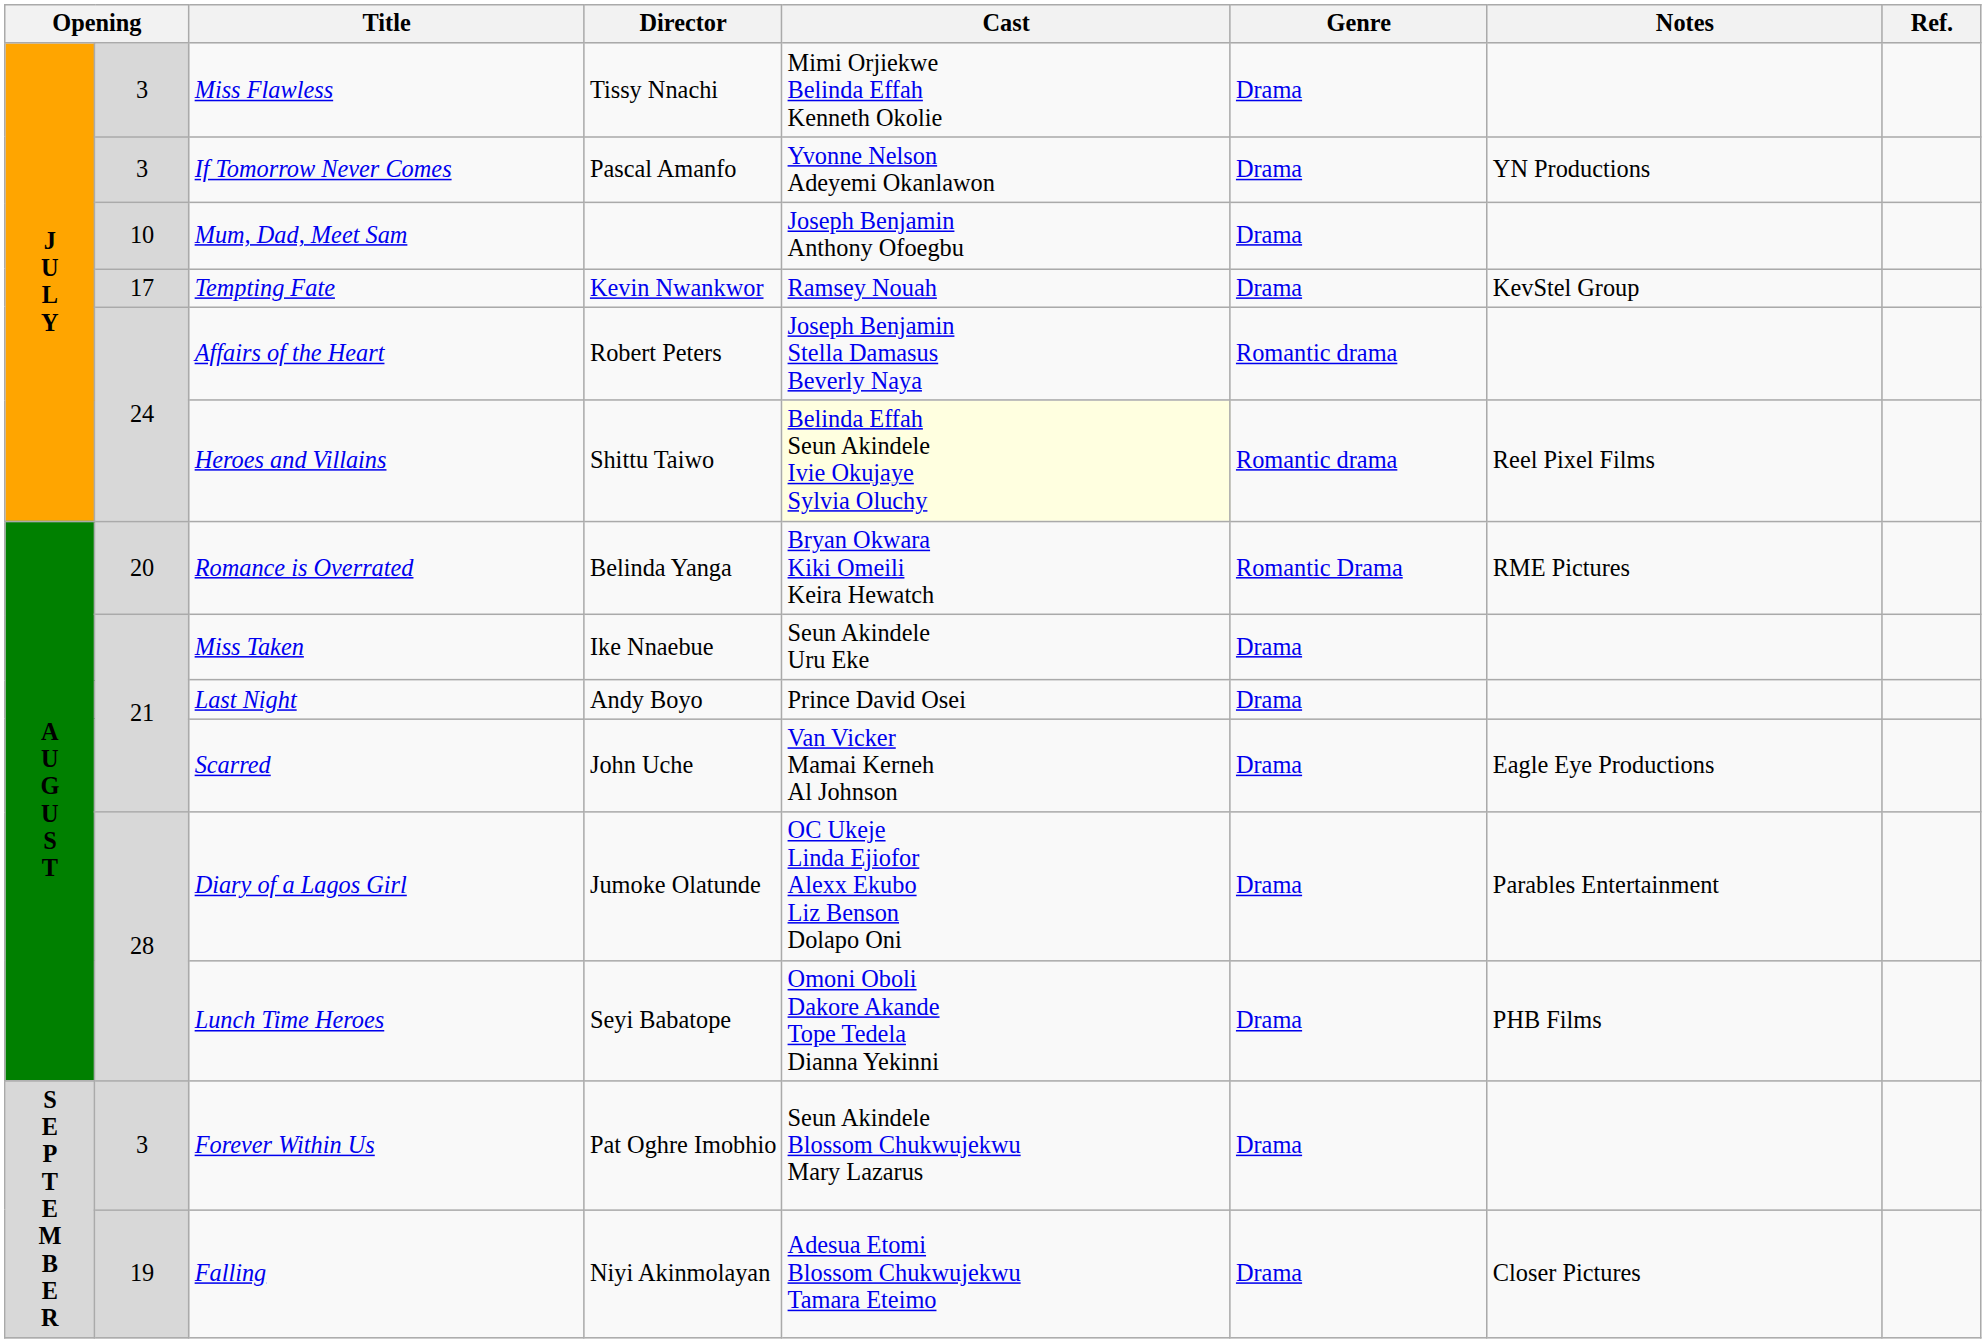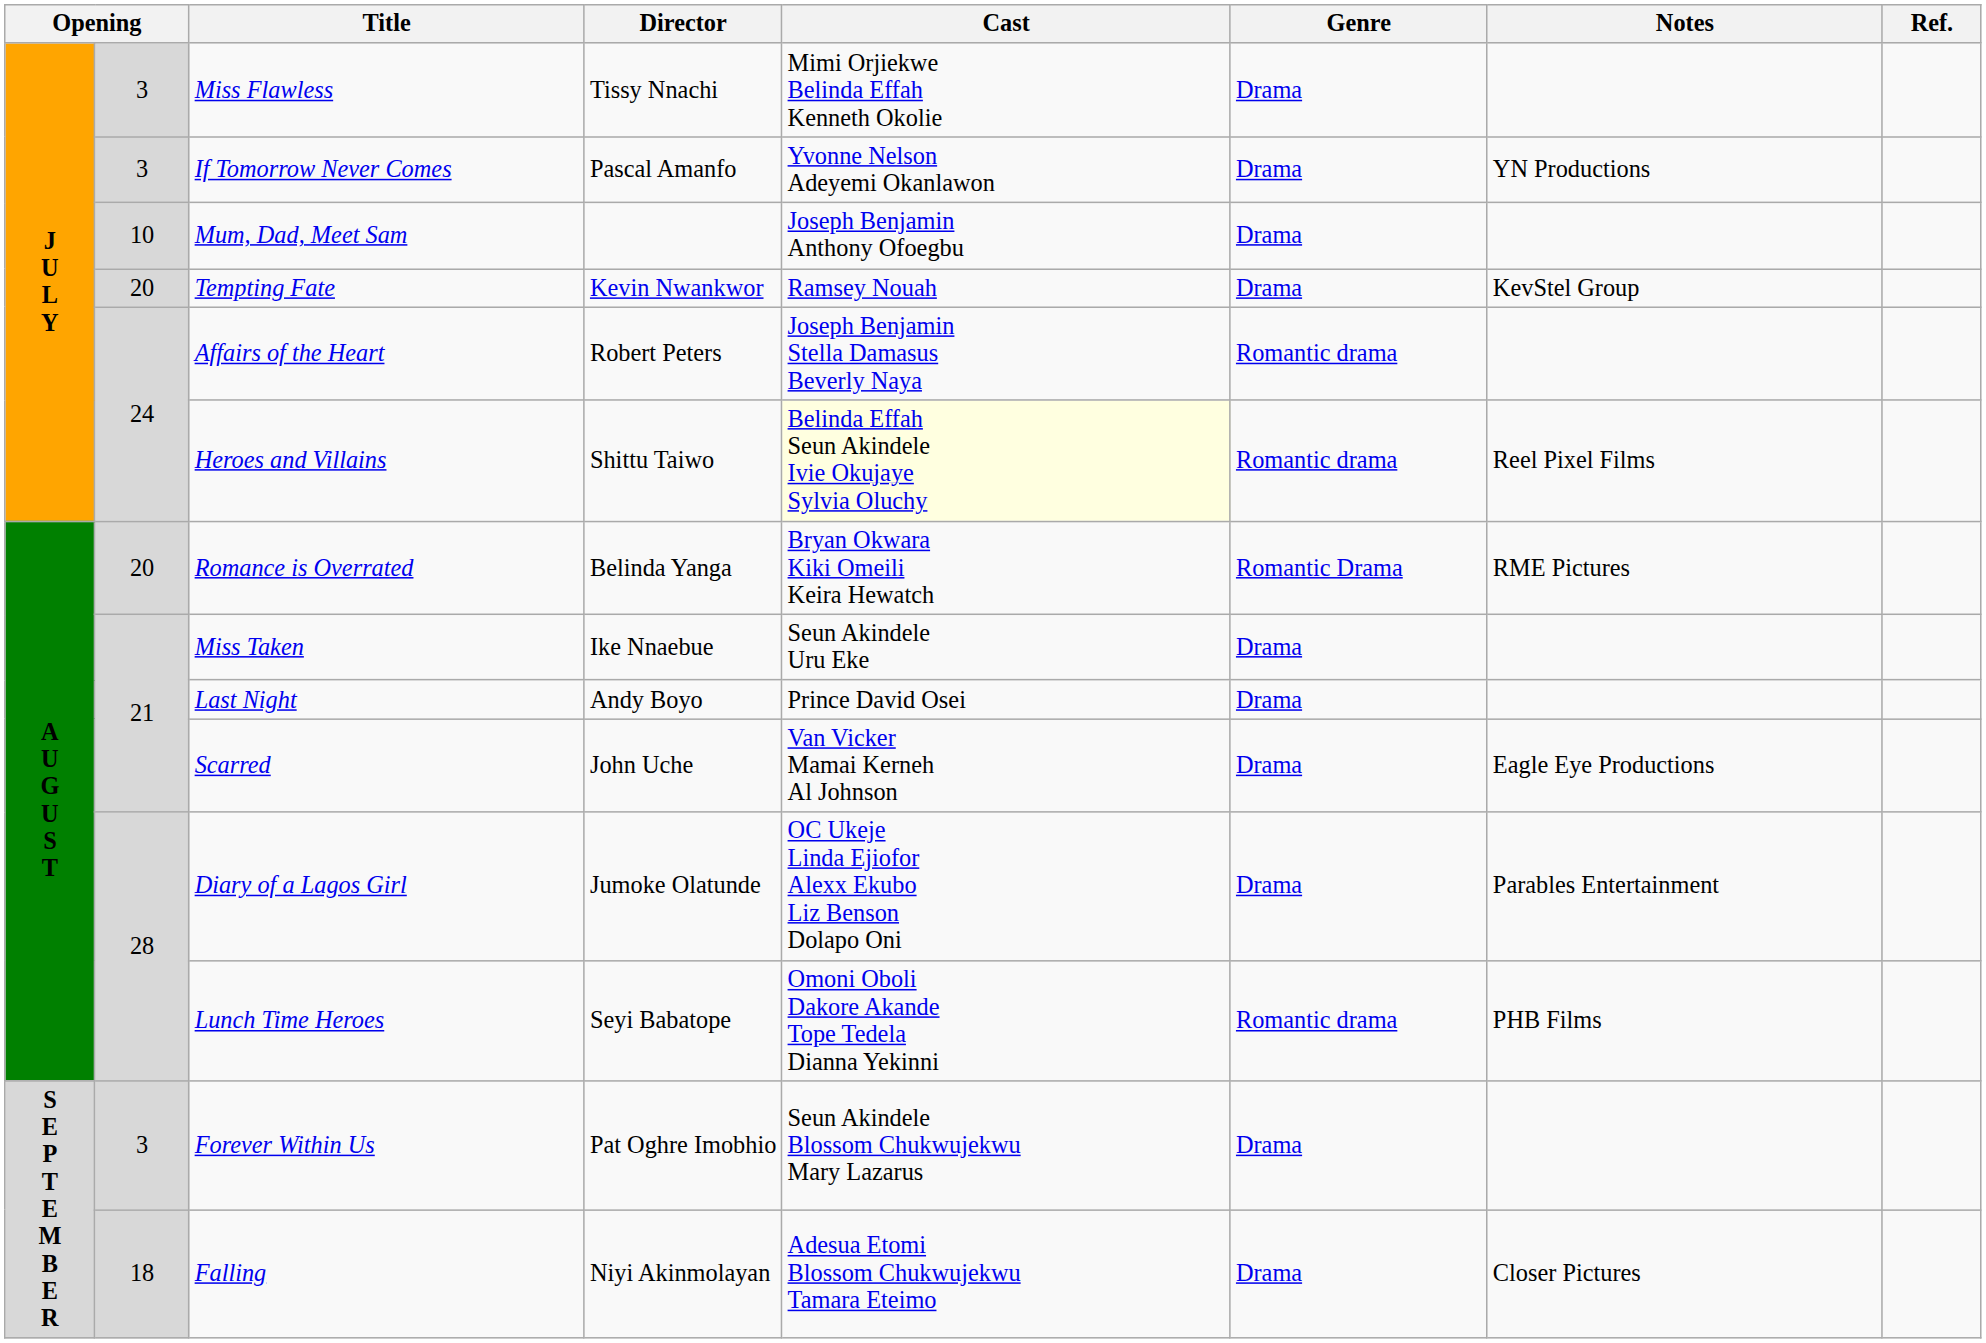 <table class="wikitable">
 <tr>
 <th colspan="2">Opening</th>
 <th style="width:20%;">Title</th>
 <th style="width:10%;">Director</th>
 <th>Cast</th>
 <th style="width:13%">Genre</th>
 <th style="width:20%">Notes</th>
 <th>Ref.</th>
 </tr>
 <tr>
 <td rowspan=6 style="text-align:center; background:orange; textcolor:#000;"><strong>J<br>U<br>L<br>Y<br></strong></td>
 <td rowspan=1 style="text-align:center; background:#d8d8d8; textcolor:#000;">3</td>
 <td><em><a href='#'>Miss Flawless</a></em></td>
 <td>Tissy Nnachi</td>
 <td>Mimi Orjiekwe<br><a href='#'>Belinda Effah</a><br>Kenneth Okolie</td>
 <td><a href='#'>Drama</a></td>
 <td></td>
 <td></td>
 </tr>
 <tr>
 <td rowspan=1 style="text-align:center; background:#d8d8d8; textcolor:#000;">3</td>
 <td><em><a href='#'>If Tomorrow Never Comes</a></em></td>
 <td>Pascal Amanfo</td>
 <td><a href='#'>Yvonne Nelson</a><br>Adeyemi Okanlawon</td>
 <td><a href='#'>Drama</a></td>
 <td>YN Productions</td>
 <td></td>
 </tr>
 <tr>
 <td rowspan=1 style="text-align:center; background:#d8d8d8; textcolor:#000;">10</td>
 <td><em><a href='#'>Mum, Dad, Meet Sam</a></em></td>
 <td></td>
 <td><a href='#'>Joseph Benjamin</a><br>Anthony Ofoegbu</td>
 <td><a href='#'>Drama</a></td>
 <td></td>
 <td></td>
 </tr>
 <tr>
-<td rowspan=1 style="text-align:center; background:#d8d8d8; textcolor:#000;">17</td>
+<td rowspan=1 style="text-align:center; background:#d8d8d8; textcolor:#000;">20</td>
 <td><em><a href='#'>Tempting Fate</a></em></td>
 <td><a href='#'>Kevin Nwankwor</a></td>
 <td><a href='#'>Ramsey Nouah</a></td>
 <td><a href='#'>Drama</a></td>
 <td>KevStel Group</td>
 <td></td>
 </tr>
 <tr>
 <td rowspan=2 style="text-align:center; background:#d8d8d8; textcolor:#000;">24</td>
 <td><em><a href='#'>Affairs of the Heart</a></em></td>
 <td>Robert Peters</td>
 <td><a href='#'>Joseph Benjamin</a><br><a href='#'>Stella Damasus</a><br><a href='#'>Beverly Naya</a></td>
 <td><a href='#'>Romantic drama</a></td>
 <td></td>
 <td></td>
 </tr>
 <tr>
 <td 24><em><a href='#'>Heroes and Villains</a></em></td>
 <td>Shittu Taiwo</td>
 <td style="background: lightyellow;"><a href='#'>Belinda Effah</a><br>Seun Akindele<br><a href='#'>Ivie Okujaye</a><br><a href='#'>Sylvia Oluchy</a></td>
 <td><a href='#'>Romantic drama</a></td>
 <td>Reel Pixel Films</td>
 <td></td>
 </tr>
 <tr>
 <td rowspan=6 style="text-align:center; background:green; textcolor:#000;"><strong>A<br>U<br>G<br>U<br>S<br>T<br></strong></td>
 <td rowspan=1 style="text-align:center; background:#d8d8d8; textcolor:#000;">20</td>
 <td><em><a href='#'>Romance is Overrated</a></em></td>
 <td>Belinda Yanga</td>
 <td><a href='#'>Bryan Okwara</a><br><a href='#'>Kiki Omeili</a><br>Keira Hewatch</td>
 <td><a href='#'>Romantic Drama</a></td>
 <td>RME Pictures</td>
 <td></td>
 </tr>
 <tr>
 <td rowspan=3 style="text-align:center; background:#d8d8d8; textcolor:#000;">21</td>
 <td><em><a href='#'>Miss Taken</a></em></td>
 <td>Ike Nnaebue</td>
 <td>Seun Akindele<br>Uru Eke</td>
 <td><a href='#'>Drama</a></td>
 <td></td>
 <td></td>
 </tr>
 <tr>
 <td><em><a href='#'>Last Night</a></em></td>
 <td>Andy Boyo</td>
 <td>Prince David Osei</td>
 <td><a href='#'>Drama</a></td>
 <td></td>
 <td></td>
 </tr>
 <tr>
 <td><em><a href='#'>Scarred</a></em></td>
 <td>John Uche</td>
 <td><a href='#'>Van Vicker</a><br>Mamai Kerneh<br>Al Johnson</td>
 <td><a href='#'>Drama</a></td>
 <td>Eagle Eye Productions</td>
 <td></td>
 </tr>
 <tr>
 <td rowspan=2 style="text-align:center; background:#d8d8d8; textcolor:#000;">28</td>
 <td><em><a href='#'>Diary of a Lagos Girl</a></em></td>
 <td>Jumoke Olatunde</td>
 <td><a href='#'>OC Ukeje</a><br><a href='#'>Linda Ejiofor</a><br><a href='#'>Alexx Ekubo</a><br><a href='#'>Liz Benson</a><br>Dolapo Oni</td>
 <td><a href='#'>Drama</a></td>
 <td>Parables Entertainment</td>
 <td></td>
 </tr>
 <tr>
 <td><em><a href='#'>Lunch Time Heroes</a></em></td>
 <td>Seyi Babatope</td>
 <td><a href='#'>Omoni Oboli</a><br><a href='#'>Dakore Akande</a><br><a href='#'>Tope Tedela</a><br>Dianna Yekinni</td>
-<td><a href='#'>Drama</a></td>
+<td><a href='#'>Romantic drama</a></td>
 <td>PHB Films</td>
 <td></td>
 </tr>
 <tr>
 <td rowspan=2 style="text-align:center; background:#d8d8d8; textcolor:#000;"><strong>S<br>E<br>P<br>T<br>E<br>M<br>B<br>E<br>R<br></strong></td>
 <td rowspan=1 style="text-align:center; background:#d8d8d8; textcolor:#000;">3</td>
 <td><em><a href='#'>Forever Within Us</a></em></td>
 <td>Pat Oghre Imobhio</td>
 <td>Seun Akindele<br><a href='#'>Blossom Chukwujekwu</a><br>Mary Lazarus</td>
 <td><a href='#'>Drama</a></td>
 <td></td>
 <td></td>
 </tr>
 <tr>
-<td rowspan=1 style="text-align:center; background:#d8d8d8; textcolor:#000;">19</td>
+<td rowspan=1 style="text-align:center; background:#d8d8d8; textcolor:#000;">18</td>
 <td><em><a href='#'>Falling</a></em></td>
 <td>Niyi Akinmolayan</td>
 <td><a href='#'>Adesua Etomi</a><br><a href='#'>Blossom Chukwujekwu</a><br><a href='#'>Tamara Eteimo</a></td>
 <td><a href='#'>Drama</a></td>
 <td>Closer Pictures</td>
 <td></td>
 </tr>
 </table>
